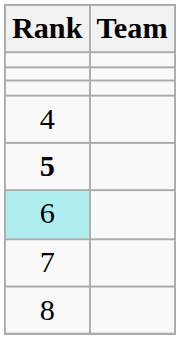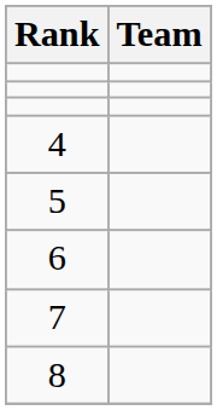 <table class="wikitable" border="1">
 <tr>
 <th>Rank</th>
 <th>Team</th>
 </tr>
 <tr>
 <td align=center></td>
 <td></td>
 </tr>
 <tr>
 <td align=center></td>
 <td></td>
 </tr>
 <tr>
 <td align=center></td>
 <td></td>
 </tr>
 <tr>
 <td align=center>4</td>
 <td></td>
 </tr>
 <tr>
-<td align=center><strong>5</strong></td>
+<td align=center>5</td>
 <td></td>
 </tr>
 <tr>
-<td align=center style="background: paleturquoise;">6</td>
+<td align=center>6</td>
 <td></td>
 </tr>
 <tr>
 <td align=center>7</td>
 <td></td>
 </tr>
 <tr>
 <td align=center>8</td>
 <td></td>
 </tr>
 <tr>
 </tr>
 </table>
